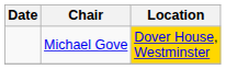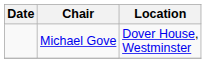 <table class="wikitable">
 <tr>
 <th scope="col">Date</th>
 <th scope="col">Chair</th>
 <th scope="col">Location</th>
 </tr>
 <tr>
 <td></td>
 <td><a href='#'>Michael Gove</a></td>
-<td style="background: gold;"><a href='#'>Dover House</a>,<br><a href='#'>Westminster</a></td>
+<td><a href='#'>Dover House</a>,<br><a href='#'>Westminster</a></td>
 </tr>
 <tr>
 </tr>
 </table>
